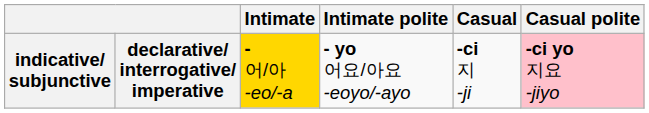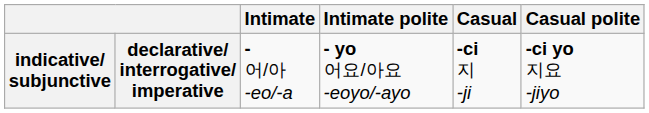 <table class="wikitable">
 <tr>
 <th colspan=2></th>
 <th>Intimate</th>
 <th>Intimate polite</th>
 <th>Casual</th>
 <th>Casual polite</th>
 </tr>
 <tr>
 <th>indicative/<br>subjunctive</th>
 <th>declarative/<br>interrogative/<br>imperative</th>
-<td style="background: gold;"><strong>-</strong><br>어/아<br><em>-eo/-a</em></td>
+<td><strong>-</strong><br>어/아<br><em>-eo/-a</em></td>
 <td><strong>- yo</strong><br>어요/아요<br><em>-eoyo/-ayo</em></td>
 <td><strong>-ci</strong><br>지<br><em>-ji</em></td>
-<td style="background: pink;"><strong>-ci yo</strong><br>지요<br><em>-jiyo</em></td>
+<td><strong>-ci yo</strong><br>지요<br><em>-jiyo</em></td>
 </tr>
 </table>
